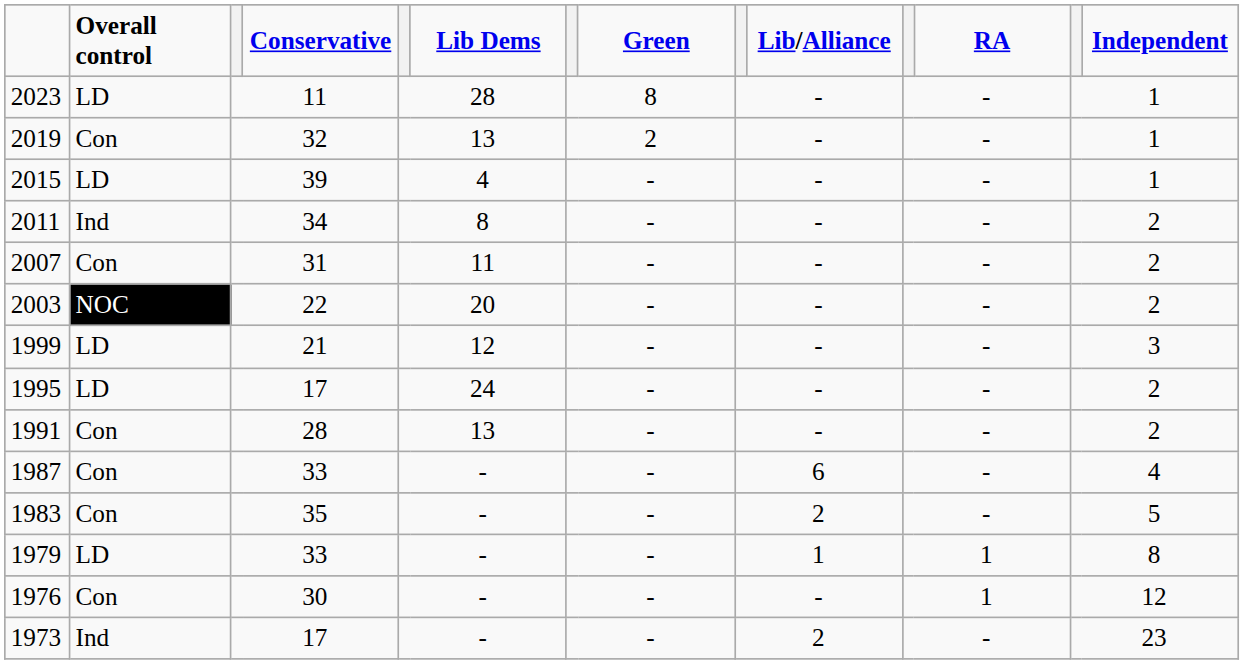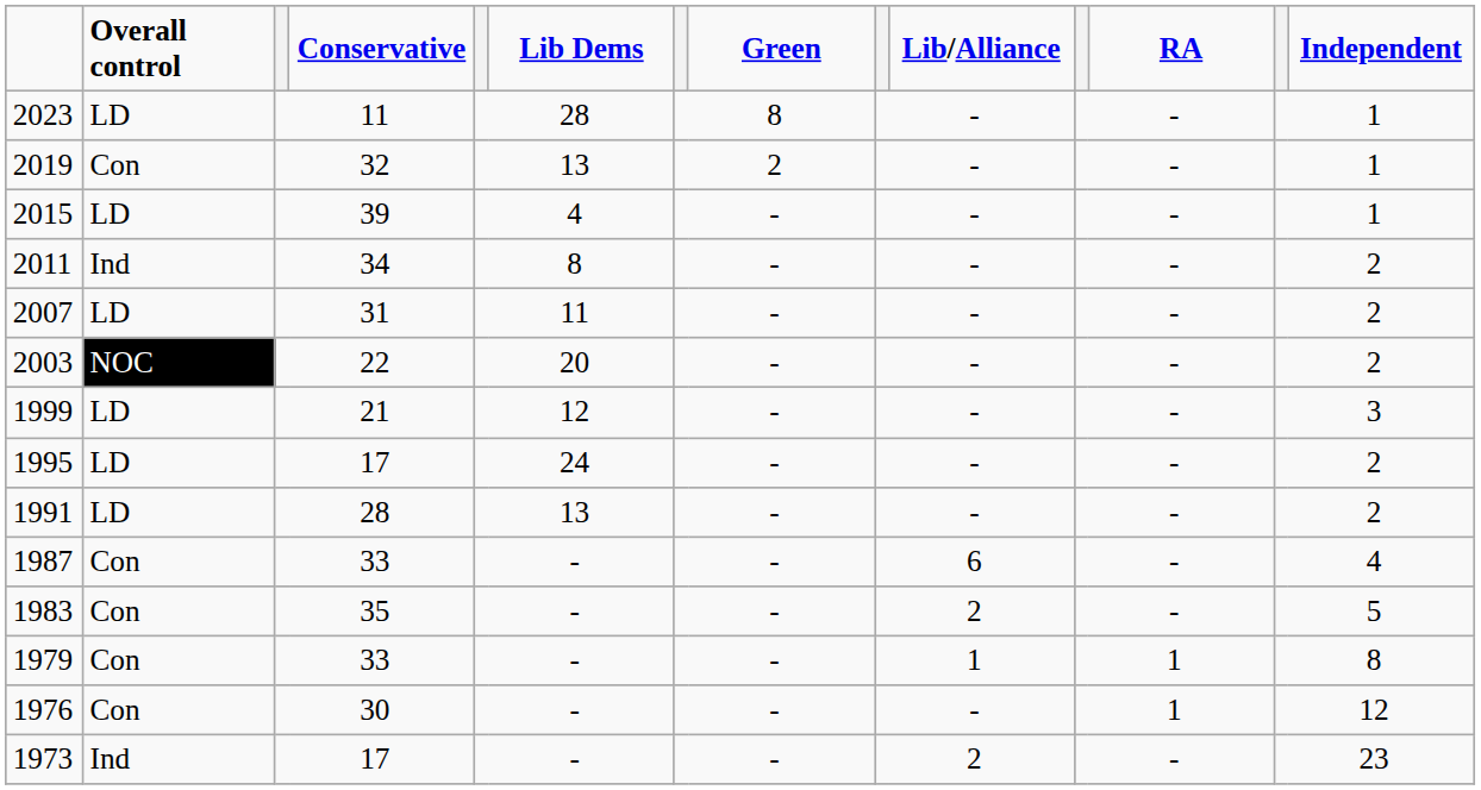 <table class="wikitable" style="text-align:left; padding-left:1em; font-size: 95%">
 <tr>
 <td width=32></td>
 <td width=90><strong>Overall control</strong></td>
 <th style="background-color: "></th>
 <td width=87 align="center"><strong><a href='#'>Conservative</a></strong></td>
 <th style="background-color: "></th>
 <td width=87 align="center"><strong><a href='#'>Lib Dems</a></strong></td>
 <th style="background-color: "></th>
 <td width=87 align="center"><strong><a href='#'>Green</a></strong></td>
 <th style="background-color: "></th>
 <td width=87 align="center"><strong><a href='#'>Lib</a>/<a href='#'>Alliance</a></strong></td>
 <th style="background-color: "></th>
 <td width=87 align="center"><strong><a href='#'>RA</a></strong></td>
 <th style="background-color: "></th>
 <td width=87 align="center"><strong><a href='#'>Independent</a></strong></td>
 </tr>
 <tr>
 <td>2023</td>
 <td style="background:">LD</td>
 <td colspan=2 align="center">11</td>
 <td colspan=2 align="center">28</td>
 <td colspan=2 align="center">8</td>
 <td colspan=2 align="center">-</td>
 <td colspan=2 align="center">-</td>
 <td colspan=2 align="center">1</td>
 </tr>
 <tr>
 <td>2019</td>
 <td style="background:">Con</td>
 <td colspan=2 align="center">32</td>
 <td colspan=2 align="center">13</td>
 <td colspan=2 align="center">2</td>
 <td colspan=2 align="center">-</td>
 <td colspan=2 align="center">-</td>
 <td colspan=2 align="center">1</td>
 </tr>
 <tr>
 <td>2015</td>
 <td style="background:">LD</td>
 <td colspan=2 align="center">39</td>
 <td colspan=2 align="center">4</td>
 <td colspan=2 align="center">-</td>
 <td colspan=2 align="center">-</td>
 <td colspan=2 align="center">-</td>
 <td colspan=2 align="center">1</td>
 </tr>
 <tr>
 <td>2011</td>
 <td style="background:">Ind</td>
 <td colspan=2 align="center">34</td>
 <td colspan=2 align="center">8</td>
 <td colspan=2 align="center">-</td>
 <td colspan=2 align="center">-</td>
 <td colspan=2 align="center">-</td>
 <td colspan=2 align="center">2</td>
 </tr>
 <tr>
 <td>2007</td>
-<td style="background:">Con</td>
+<td style="background:">LD</td>
 <td colspan=2 align="center">31</td>
 <td colspan=2 align="center">11</td>
 <td colspan=2 align="center">-</td>
 <td colspan=2 align="center">-</td>
 <td colspan=2 align="center">-</td>
 <td colspan=2 align="center">2</td>
 </tr>
 <tr>
 <td>2003</td>
 <td style="background:black; color:white">NOC</td>
 <td colspan=2 align="center">22</td>
 <td colspan=2 align="center">20</td>
 <td colspan=2 align="center">-</td>
 <td colspan=2 align="center">-</td>
 <td colspan=2 align="center">-</td>
 <td colspan=2 align="center">2</td>
 </tr>
 <tr>
 <td>1999</td>
 <td style="background:">LD</td>
 <td colspan=2 align="center">21</td>
 <td colspan=2 align="center">12</td>
 <td colspan=2 align="center">-</td>
 <td colspan=2 align="center">-</td>
 <td colspan=2 align="center">-</td>
 <td colspan=2 align="center">3</td>
 </tr>
 <tr>
 <td>1995</td>
 <td style="background:">LD</td>
 <td colspan=2 align="center">17</td>
 <td colspan=2 align="center">24</td>
 <td colspan=2 align="center">-</td>
 <td colspan=2 align="center">-</td>
 <td colspan=2 align="center">-</td>
 <td colspan=2 align="center">2</td>
 </tr>
 <tr>
 <td>1991</td>
-<td style="background:">Con</td>
+<td style="background:">LD</td>
 <td colspan=2 align="center">28</td>
 <td colspan=2 align="center">13</td>
 <td colspan=2 align="center">-</td>
 <td colspan=2 align="center">-</td>
 <td colspan=2 align="center">-</td>
 <td colspan=2 align="center">2</td>
 </tr>
 <tr>
 <td>1987</td>
 <td style="background:">Con</td>
 <td colspan=2 align="center">33</td>
 <td colspan=2 align="center">-</td>
 <td colspan=2 align="center">-</td>
 <td colspan=2 align="center">6</td>
 <td colspan=2 align="center">-</td>
 <td colspan=2 align="center">4</td>
 </tr>
 <tr>
 <td>1983</td>
 <td style="background:">Con</td>
 <td colspan=2 align="center">35</td>
 <td colspan=2 align="center">-</td>
 <td colspan=2 align="center">-</td>
 <td colspan=2 align="center">2</td>
 <td colspan=2 align="center">-</td>
 <td colspan=2 align="center">5</td>
 </tr>
 <tr>
 <td>1979</td>
-<td style="background:">LD</td>
+<td style="background:">Con</td>
 <td colspan=2 align="center">33</td>
 <td colspan=2 align="center">-</td>
 <td colspan=2 align="center">-</td>
 <td colspan=2 align="center">1</td>
 <td colspan=2 align="center">1</td>
 <td colspan=2 align="center">8</td>
 </tr>
 <tr>
 <td>1976</td>
 <td style="background:">Con</td>
 <td colspan=2 align="center">30</td>
 <td colspan=2 align="center">-</td>
 <td colspan=2 align="center">-</td>
 <td colspan=2 align="center">-</td>
 <td colspan=2 align="center">1</td>
 <td colspan=2 align="center">12</td>
 </tr>
 <tr>
 <td>1973</td>
 <td style="background:">Ind</td>
 <td colspan=2 align="center">17</td>
 <td colspan=2 align="center">-</td>
 <td colspan=2 align="center">-</td>
 <td colspan=2 align="center">2</td>
 <td colspan=2 align="center">-</td>
 <td colspan=2 align="center">23</td>
 </tr>
 </table>
